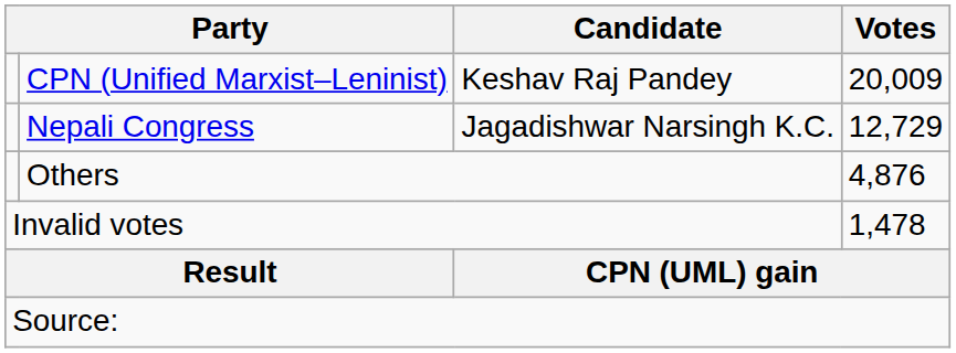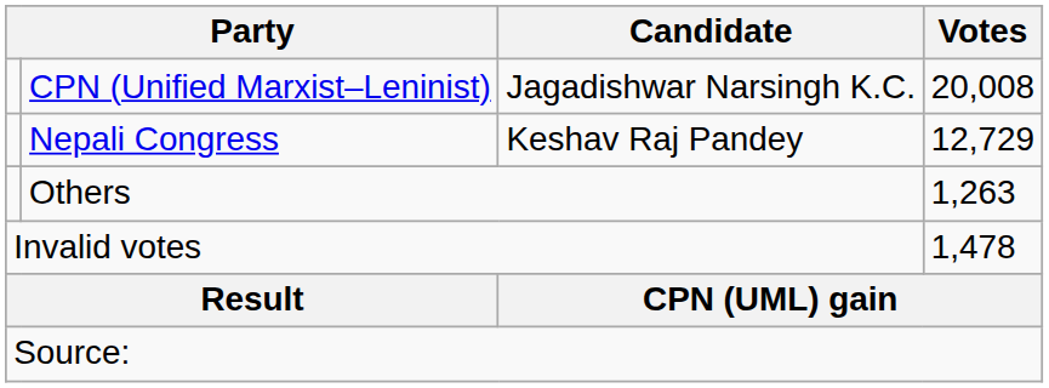 <table class="wikitable">
 <tr>
 <th colspan="2">Party</th>
 <th>Candidate</th>
 <th>Votes</th>
 </tr>
 <tr>
 <td style="background-color:"></td>
 <td><a href='#'>CPN (Unified Marxist–Leninist)</a></td>
-<td>Keshav Raj Pandey</td>
-<td>20,009</td>
+<td>Jagadishwar Narsingh K.C.</td>
+<td>20,008</td>
 </tr>
 <tr>
 <td style="background-color:"></td>
 <td><a href='#'>Nepali Congress</a></td>
-<td>Jagadishwar Narsingh K.C.</td>
+<td>Keshav Raj Pandey</td>
 <td>12,729</td>
 </tr>
 <tr>
 <td></td>
 <td colspan="2">Others</td>
-<td>4,876</td>
+<td>1,263</td>
 </tr>
 <tr>
 <td colspan="3">Invalid votes</td>
 <td>1,478</td>
 </tr>
 <tr>
 <th colspan="2">Result</th>
 <th colspan="2">CPN (UML) gain</th>
 </tr>
 <tr>
 <td colspan="4">Source: </td>
 </tr>
 </table>
